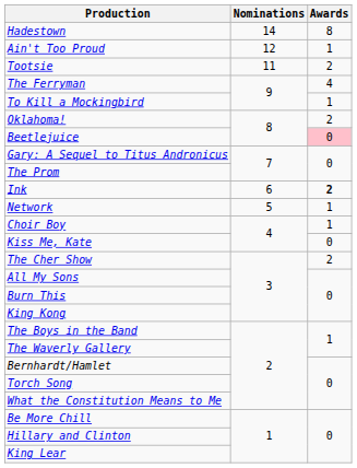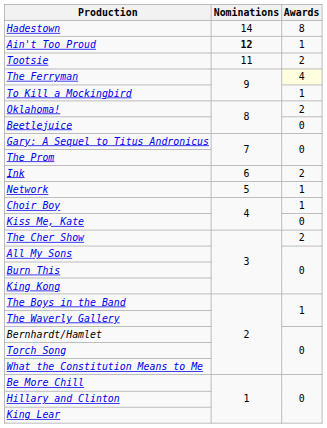 <table class="wikitable sortable">
 <tr>
 <th>Production</th>
 <th>Nominations</th>
 <th>Awards</th>
 </tr>
 <tr>
 <td><em><a href='#'>Hadestown</a></em></td>
 <td align=center>14</td>
 <td align=center>8</td>
 </tr>
 <tr>
 <td><a href='#'><em>Ain't Too Proud</em></a></td>
-<td align=center>12</td>
+<td align=center><strong>12</strong></td>
 <td align=center>1</td>
 </tr>
 <tr>
 <td><a href='#'><em>Tootsie</em></a></td>
 <td align=center>11</td>
 <td align=center>2</td>
 </tr>
 <tr>
 <td><em><a href='#'>The Ferryman</a></em></td>
 <td align=center rowspan=2>9</td>
-<td align=center>4</td>
+<td align=center style="background: lightyellow;">4</td>
 </tr>
 <tr>
 <td><a href='#'><em>To Kill a Mockingbird</em></a></td>
 <td align=center>1</td>
 </tr>
 <tr>
 <td><em><a href='#'>Oklahoma!</a></em></td>
 <td align=center rowspan=2>8</td>
 <td align=center>2</td>
 </tr>
 <tr>
 <td><a href='#'><em>Beetlejuice</em></a></td>
-<td align=center style="background: pink;">0</td>
+<td align=center>0</td>
 </tr>
 <tr>
 <td><em><a href='#'>Gary: A Sequel to Titus Andronicus</a></em></td>
 <td align=center rowspan=2>7</td>
 <td align=center rowspan=2>0</td>
 </tr>
 <tr>
 <td><a href='#'><em>The Prom</em></a></td>
 </tr>
 <tr>
 <td><a href='#'><em>Ink</em></a></td>
 <td align=center>6</td>
-<td align=center><strong>2</strong></td>
+<td align=center>2</td>
 </tr>
 <tr>
 <td><a href='#'><em>Network</em></a></td>
 <td align=center>5</td>
 <td align=center>1</td>
 </tr>
 <tr>
 <td><em><a href='#'>Choir Boy</a></em></td>
 <td align=center rowspan=2>4</td>
 <td align=center>1</td>
 </tr>
 <tr>
 <td><em><a href='#'>Kiss Me, Kate</a></em></td>
 <td align=center>0</td>
 </tr>
 <tr>
 <td><a href='#'><em>The Cher Show</em></a></td>
 <td align=center rowspan=4>3</td>
 <td align=center>2</td>
 </tr>
 <tr>
 <td><em><a href='#'>All My Sons</a></em></td>
 <td align=center rowspan=3>0</td>
 </tr>
 <tr>
 <td><em><a href='#'>Burn This</a></em></td>
 </tr>
 <tr>
 <td><a href='#'><em>King Kong</em></a></td>
 </tr>
 <tr>
 <td><em><a href='#'>The Boys in the Band</a></em></td>
 <td align=center rowspan=5>2</td>
 <td align=center rowspan=2>1</td>
 </tr>
 <tr>
 <td><em><a href='#'>The Waverly Gallery</a></em></td>
 </tr>
 <tr>
 <td><em>Bernhardt/Hamlet</em></td>
 <td align=center rowspan=3>0</td>
 </tr>
 <tr>
 <td><em><a href='#'>Torch Song</a></em></td>
 </tr>
 <tr>
 <td><em><a href='#'>What the Constitution Means to Me</a></em></td>
 </tr>
 <tr>
 <td><em><a href='#'>Be More Chill</a></em></td>
 <td align=center rowspan=3>1</td>
 <td align=center rowspan=3>0</td>
 </tr>
 <tr>
 <td><em><a href='#'>Hillary and Clinton</a></em></td>
 </tr>
 <tr>
 <td><em><a href='#'>King Lear</a></em></td>
 </tr>
 </table>
